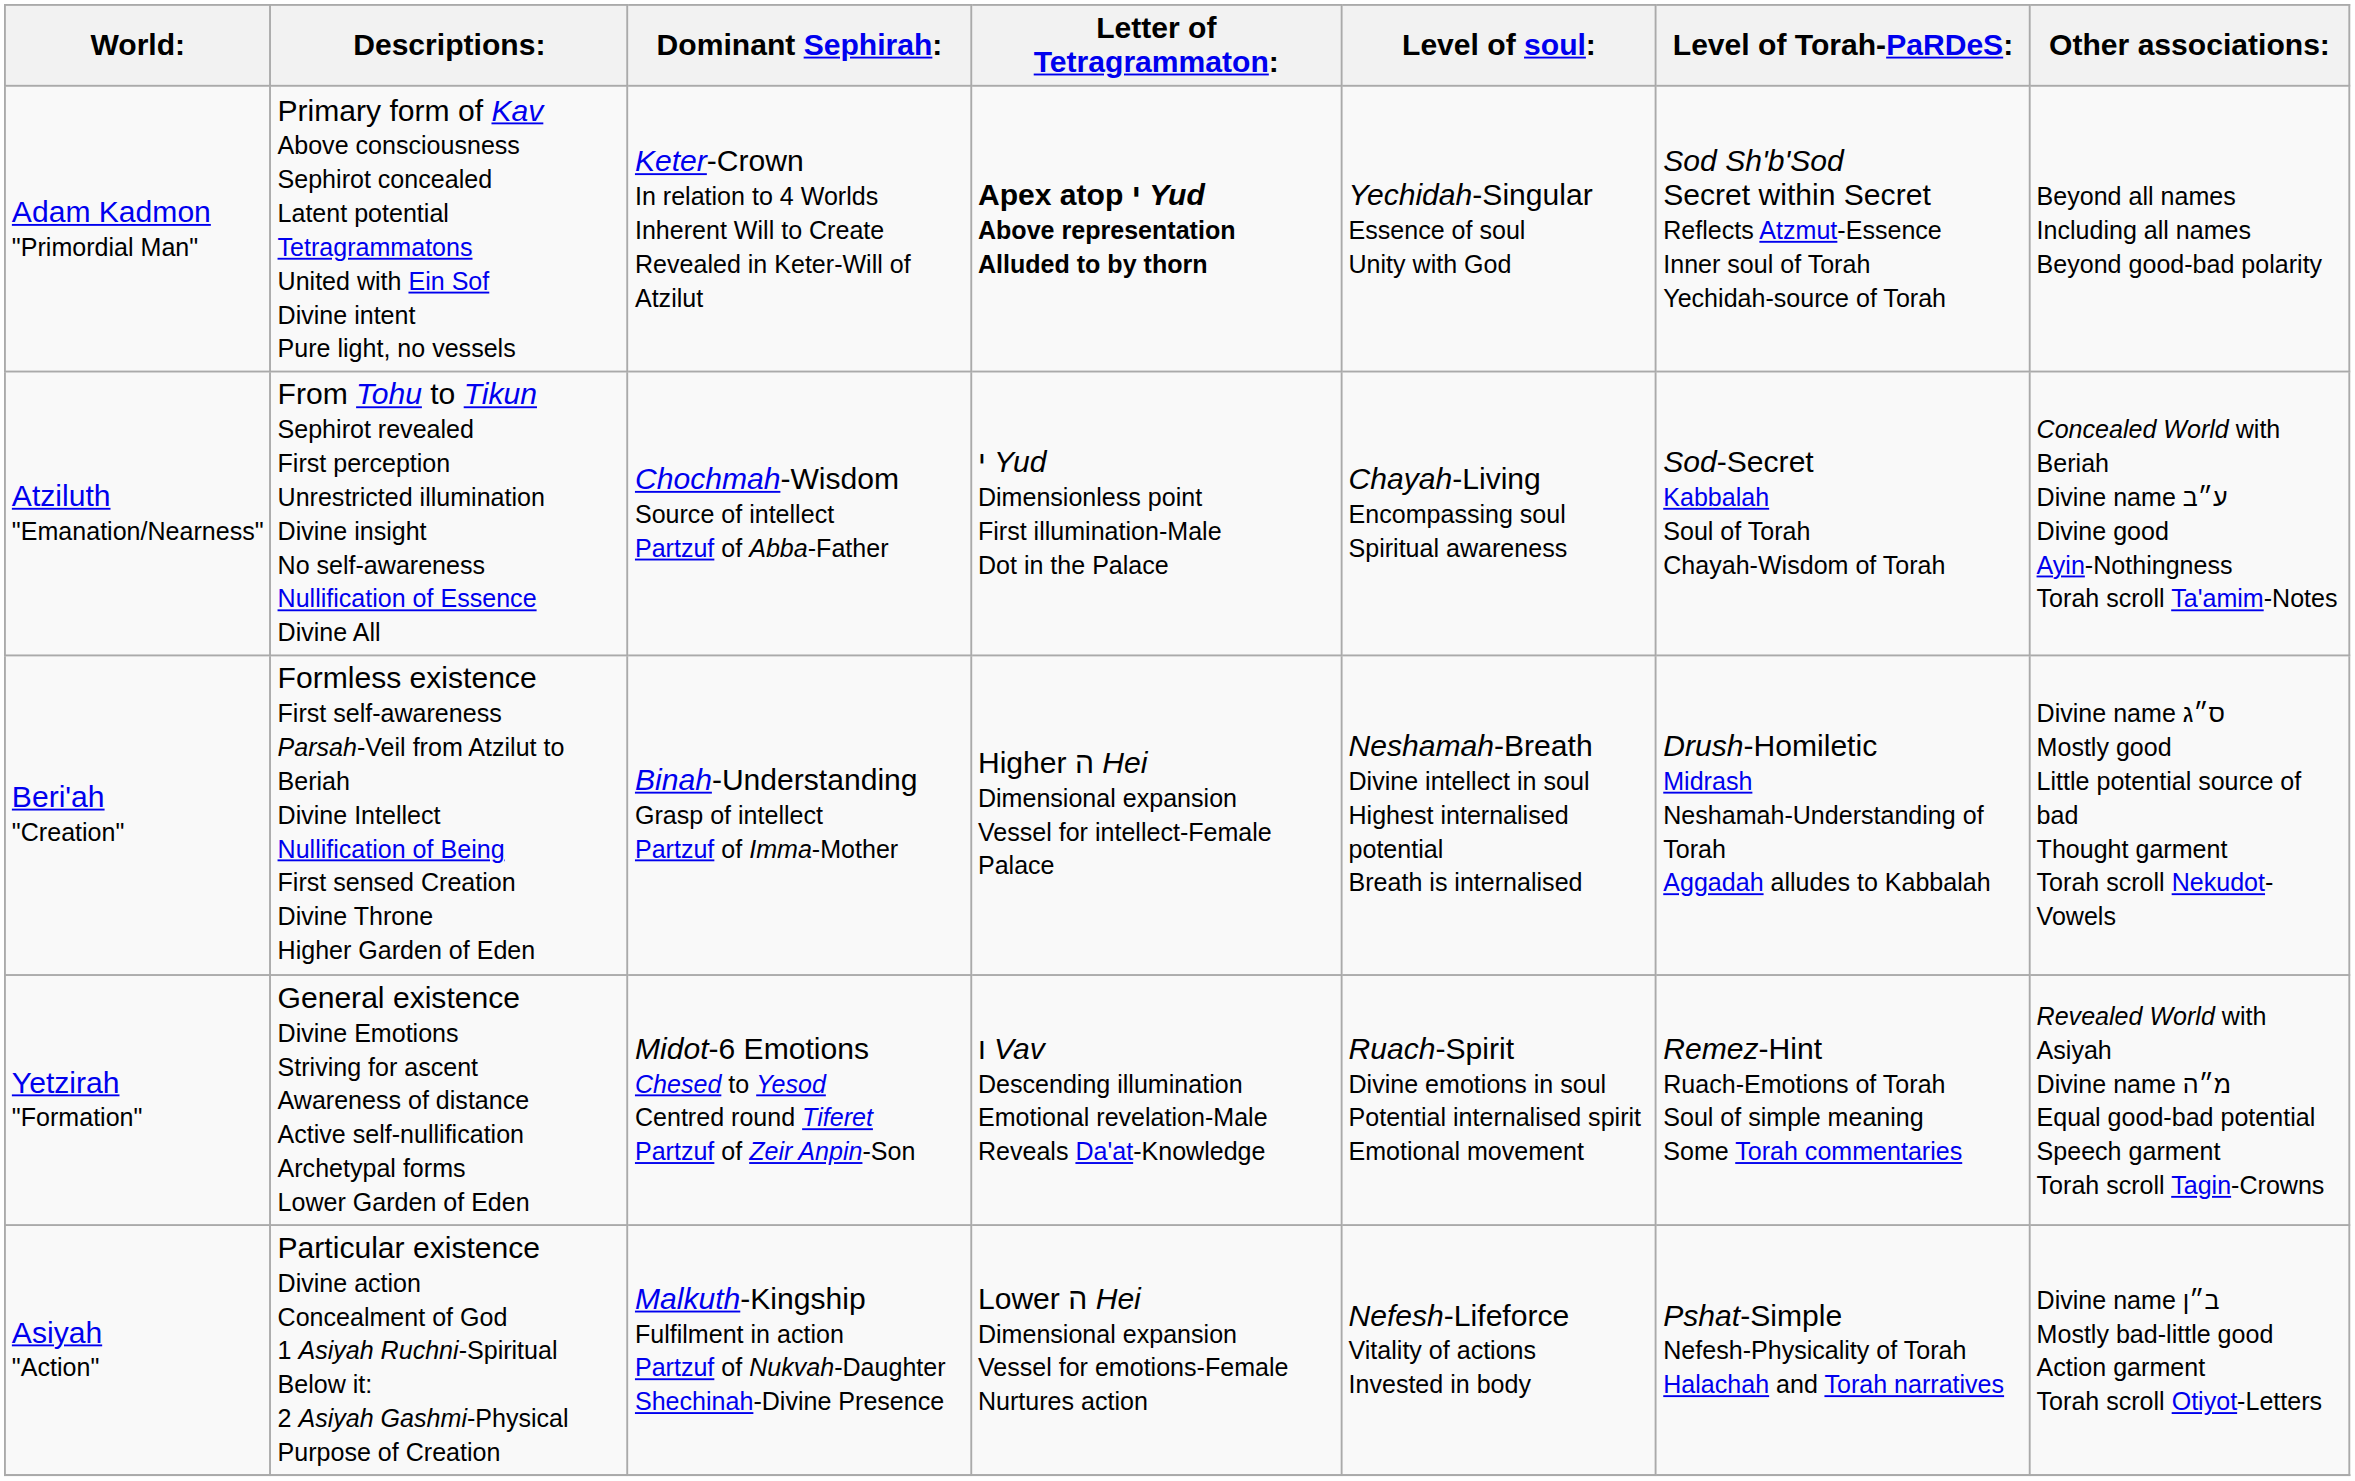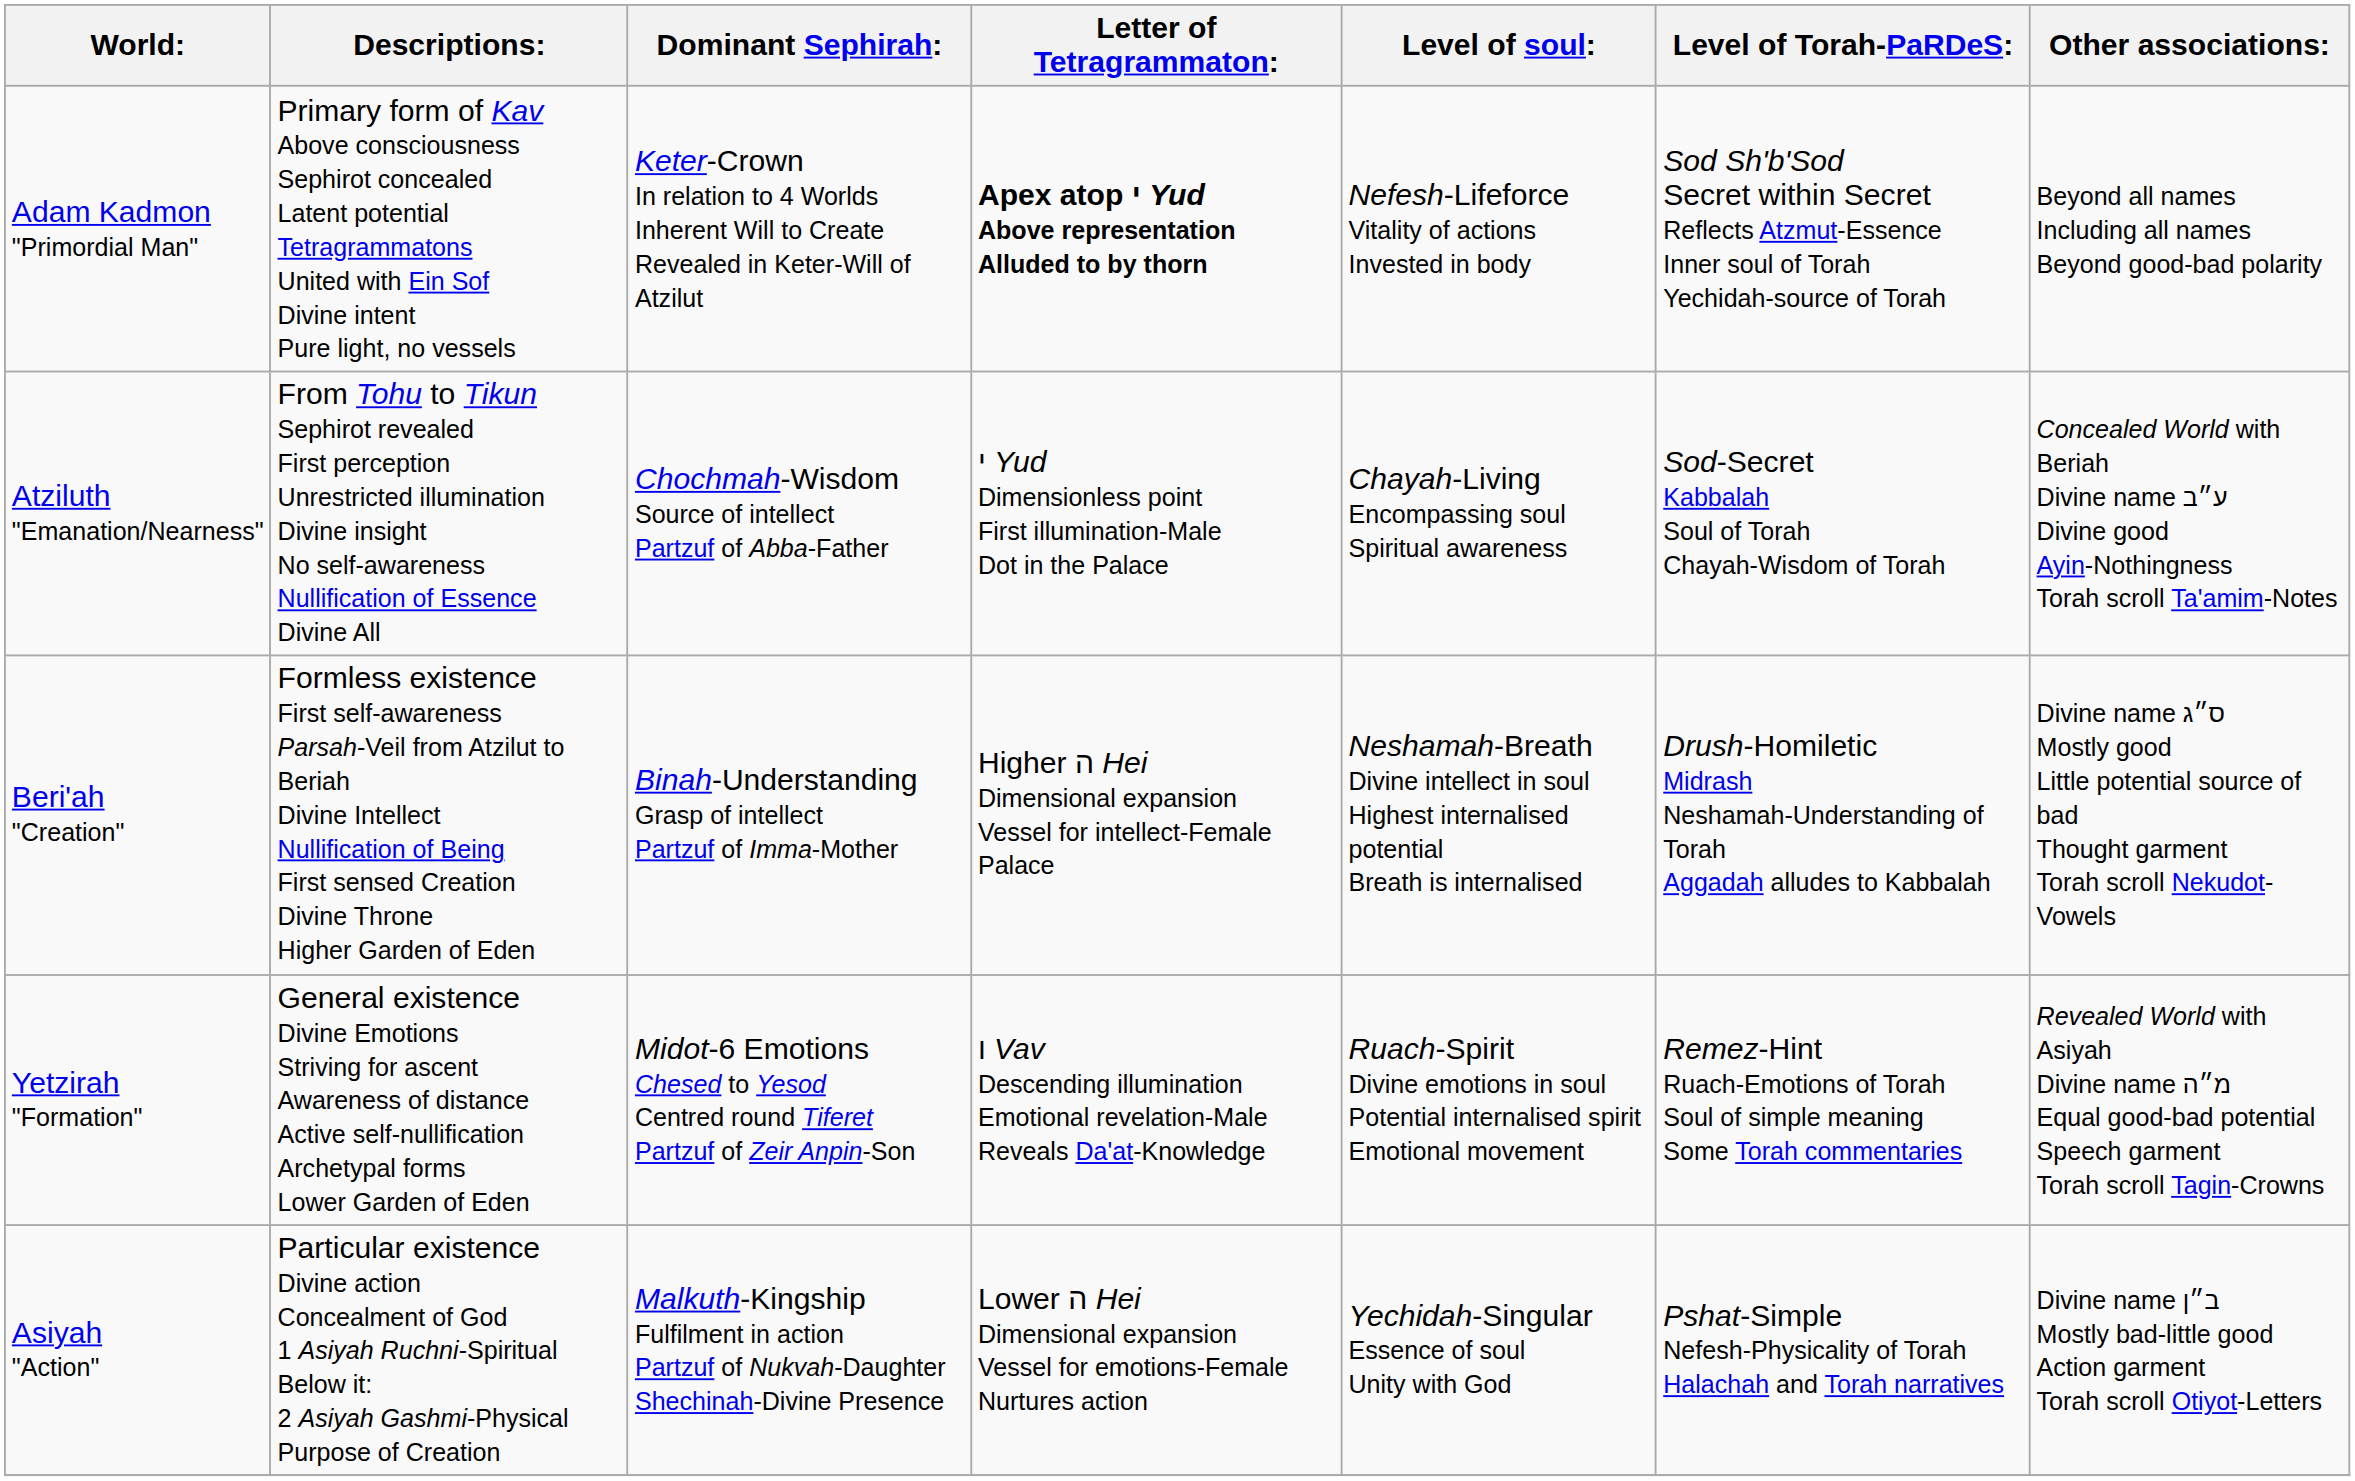 <table class="wikitable">
 <tr>
 <th>World:</th>
 <th>Descriptions:</th>
 <th>Dominant <a href='#'>Sephirah</a>:</th>
 <th>Letter of <a href='#'>Tetragrammaton</a>:</th>
 <th>Level of <a href='#'>soul</a>:</th>
 <th>Level of Torah-<a href='#'>PaRDeS</a>:</th>
 <th>Other associations:</th>
 </tr>
 <tr>
 <td><a href='#'>Adam Kadmon</a><br><small>"Primordial Man"</small></td>
 <td>Primary form of <em><a href='#'>Kav</a></em><br><small>Above consciousness<br>Sephirot concealed<br>Latent potential<br><a href='#'>Tetragrammatons</a><br>United with <a href='#'>Ein Sof</a><br>Divine intent<br>Pure light, no vessels</small></td>
 <td><em><a href='#'>Keter</a></em>-Crown<br><small>In relation to 4 Worlds<br>Inherent Will to Create<br>Revealed in Keter-Will of Atzilut</small></td>
 <td><strong>Apex atop י <em>Yud</em><br><small>Above representation<br>Alluded to by thorn</small></strong></td>
-<td><em>Yechidah</em>-Singular<br><small>Essence of soul<br>Unity with God</small></td>
+<td><em>Nefesh</em>-Lifeforce<br><small>Vitality of actions<br>Invested in body</small></td>
 <td><em>Sod Sh'b'Sod</em><br>Secret within Secret<br><small>Reflects <a href='#'>Atzmut</a>-Essence<br>Inner soul of Torah<br>Yechidah-source of Torah</small></td>
 <td><small>Beyond all names<br>Including all names<br>Beyond good-bad polarity</small></td>
 </tr>
 <tr>
 <td><a href='#'>Atziluth</a><br><small>"Emanation/Nearness"</small></td>
 <td>From <em><a href='#'>Tohu</a></em> to <em><a href='#'>Tikun</a></em><br><small>Sephirot revealed<br>First perception<br>Unrestricted illumination<br>Divine insight<br>No self-awareness<br><a href='#'>Nullification of Essence</a><br>Divine All</small></td>
 <td><em><a href='#'>Chochmah</a></em>-Wisdom<br><small>Source of intellect<br><a href='#'>Partzuf</a> of <em>Abba</em>-Father</small></td>
 <td>י <em>Yud</em><br><small>Dimensionless point<br>First illumination-Male<br>Dot in the Palace</small></td>
 <td><em>Chayah</em>-Living<br><small>Encompassing soul<br>Spiritual awareness</small></td>
 <td><em>Sod</em>-Secret<br><small><a href='#'>Kabbalah</a><br>Soul of Torah<br>Chayah-Wisdom of Torah</small></td>
 <td><small><em>Concealed World</em> with Beriah<br>Divine name ע״ב<br>Divine good<br><a href='#'>Ayin</a>-Nothingness<br>Torah scroll <a href='#'>Ta'amim</a>-Notes</small></td>
 </tr>
 <tr>
 <td><a href='#'>Beri'ah</a><br><small>"Creation"</small></td>
 <td>Formless existence<br><small>First self-awareness<br><em>Parsah</em>-Veil from Atzilut to Beriah<br>Divine Intellect<br><a href='#'>Nullification of Being</a><br>First sensed Creation<br>Divine Throne<br>Higher Garden of Eden</small></td>
 <td><em><a href='#'>Binah</a></em>-Understanding<br><small>Grasp of intellect<br><a href='#'>Partzuf</a> of <em>Imma</em>-Mother</small></td>
 <td>Higher ה <em>Hei</em><br><small>Dimensional expansion<br>Vessel for intellect-Female<br>Palace</small></td>
 <td><em>Neshamah</em>-Breath<br><small>Divine intellect in soul<br>Highest internalised potential<br>Breath is internalised</small></td>
 <td><em>Drush</em>-Homiletic<br><small><a href='#'>Midrash</a><br>Neshamah-Understanding of Torah<br><a href='#'>Aggadah</a> alludes to Kabbalah</small></td>
 <td><small>Divine name ס״ג<br>Mostly good<br>Little potential source of bad<br>Thought garment<br>Torah scroll <a href='#'>Nekudot</a>-Vowels</small></td>
 </tr>
 <tr>
 <td><a href='#'>Yetzirah</a><br><small>"Formation"</small></td>
 <td>General existence<br><small>Divine Emotions<br>Striving for ascent<br>Awareness of distance<br>Active self-nullification<br>Archetypal forms<br>Lower Garden of Eden</small></td>
 <td><em>Midot</em>-6 Emotions<br><small><em><a href='#'>Chesed</a></em> to <em><a href='#'>Yesod</a></em><br>Centred round <em><a href='#'>Tiferet</a></em><br><a href='#'>Partzuf</a> of <em><a href='#'>Zeir Anpin</a></em>-Son</small></td>
 <td>ו <em>Vav</em><br><small>Descending illumination<br>Emotional revelation-Male<br>Reveals <a href='#'>Da'at</a>-Knowledge</small></td>
 <td><em>Ruach</em>-Spirit<br><small>Divine emotions in soul<br>Potential internalised spirit<br>Emotional movement</small></td>
 <td><em>Remez</em>-Hint<br><small>Ruach-Emotions of Torah<br>Soul of simple meaning<br>Some <a href='#'>Torah commentaries</a></small></td>
 <td><small><em>Revealed World</em> with Asiyah<br>Divine name מ״ה<br>Equal good-bad potential<br>Speech garment<br>Torah scroll <a href='#'>Tagin</a>-Crowns</small></td>
 </tr>
 <tr>
 <td><a href='#'>Asiyah</a><br><small>"Action"</small></td>
 <td>Particular existence<br><small>Divine action<br>Concealment of God<br>1 <em>Asiyah Ruchni</em>-Spiritual<br>Below it:<br>2 <em>Asiyah Gashmi</em>-Physical<br>Purpose of Creation</small></td>
 <td><em><a href='#'>Malkuth</a></em>-Kingship<br><small>Fulfilment in action<br><a href='#'>Partzuf</a> of <em>Nukvah</em>-Daughter<br><a href='#'>Shechinah</a>-Divine Presence</small></td>
 <td>Lower ה <em>Hei</em><br><small>Dimensional expansion<br>Vessel for emotions-Female<br>Nurtures action</small></td>
-<td><em>Nefesh</em>-Lifeforce<br><small>Vitality of actions<br>Invested in body</small></td>
+<td><em>Yechidah</em>-Singular<br><small>Essence of soul<br>Unity with God</small></td>
 <td><em>Pshat</em>-Simple<br><small>Nefesh-Physicality of Torah<br><a href='#'>Halachah</a> and <a href='#'>Torah narratives</a></small></td>
 <td><small>Divine name ב״ן<br>Mostly bad-little good<br>Action garment<br>Torah scroll <a href='#'>Otiyot</a>-Letters</small></td>
 </tr>
 <tr>
 </tr>
 </table>
